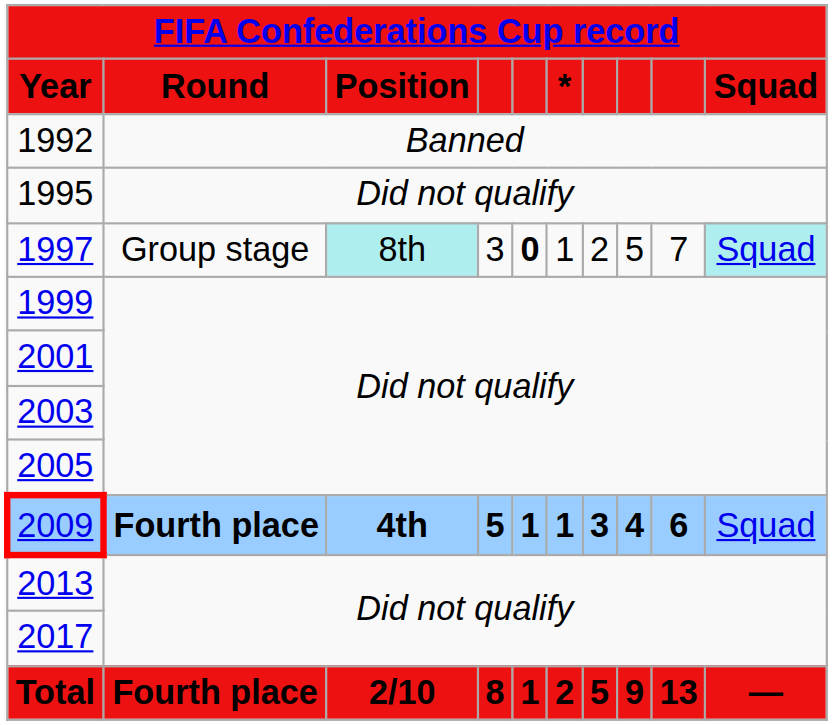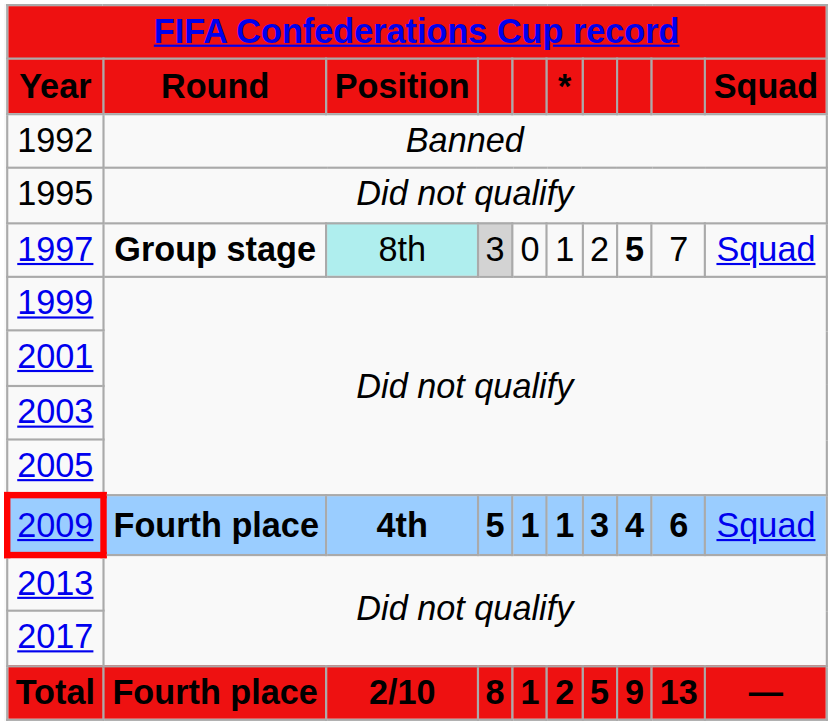 <table class="wikitable" style="text-align: center;">
 <tr>
 <th style=background:#e11; colspan=10><a href='#'>FIFA Confederations Cup record</a></th>
 </tr>
 <tr>
 <th style=background:#e11>Year</th>
 <th style=background:#e11>Round</th>
 <th style=background:#e11>Position</th>
 <th style=background:#e11></th>
 <th style=background:#e11></th>
 <th style=background:#e11>*</th>
 <th style=background:#e11></th>
 <th style=background:#e11></th>
 <th style=background:#e11></th>
 <th style=background:#e11>Squad</th>
 </tr>
 <tr>
 <td> 1992</td>
 <td colspan=9><em>Banned</em></td>
 </tr>
 <tr>
 <td> 1995</td>
 <td colspan=9><em>Did not qualify</em></td>
 </tr>
 <tr>
 <td> <a href='#'>1997</a></td>
-<td>Group stage</td>
+<td><strong>Group stage</strong></td>
 <td style="background: paleturquoise;">8th</td>
-<td>3</td>
-<td><strong>0</strong></td>
+<td style="background: lightgrey;">3</td>
+<td>0</td>
 <td>1</td>
 <td>2</td>
-<td>5</td>
+<td><strong>5</strong></td>
 <td>7</td>
-<td style="background: paleturquoise;"><a href='#'>Squad</a></td>
+<td><a href='#'>Squad</a></td>
 </tr>
 <tr>
 <td> <a href='#'>1999</a></td>
 <td rowspan=4 colspan=9><em>Did not qualify</em></td>
 </tr>
 <tr>
 <td>  <a href='#'>2001</a></td>
 </tr>
 <tr>
 <td> <a href='#'>2003</a></td>
 </tr>
 <tr>
 <td> <a href='#'>2005</a></td>
 </tr>
 <tr bgcolor=#9acdff>
 <td style="border: 3px solid red"> <a href='#'>2009</a></td>
 <td><strong>Fourth place</strong></td>
 <td><strong>4th</strong></td>
 <td><strong>5</strong></td>
 <td><strong>1</strong></td>
 <td><strong>1</strong></td>
 <td><strong>3</strong></td>
 <td><strong>4</strong></td>
 <td><strong>6</strong></td>
 <td><a href='#'>Squad</a></td>
 </tr>
 <tr>
 <td> <a href='#'>2013</a></td>
 <td rowspan=2 colspan=9><em>Did not qualify</em></td>
 </tr>
 <tr>
 <td> <a href='#'>2017</a></td>
 </tr>
 <tr>
 <th style="background:#e11;">Total</th>
 <th style="background:#e11;">Fourth place</th>
 <th style="background:#e11;">2/10</th>
 <th style="background:#e11;">8</th>
 <th style="background:#e11;">1</th>
 <th style="background:#e11;">2</th>
 <th style="background:#e11;">5</th>
 <th style="background:#e11;">9</th>
 <th style="background:#e11;">13</th>
 <th style="background:#e11;">—</th>
 </tr>
 </table>
